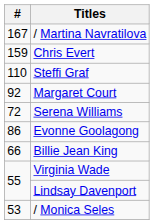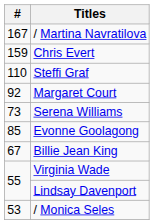 <table class=wikitable style=display:inline-table>
 <tr>
 <th>#</th>
 <th>Titles</th>
 </tr>
 <tr>
 <td>167</td>
 <td>/ <a href='#'>Martina Navratilova</a></td>
 </tr>
 <tr>
 <td>159</td>
 <td> <a href='#'>Chris Evert</a></td>
 </tr>
 <tr>
 <td>110</td>
 <td> <a href='#'>Steffi Graf</a></td>
 </tr>
 <tr>
 <td>92</td>
 <td> <a href='#'>Margaret Court</a></td>
 </tr>
 <tr>
-<td>72</td>
+<td>73</td>
 <td> <a href='#'>Serena Williams</a></td>
 </tr>
 <tr>
-<td>86</td>
+<td>85</td>
 <td> <a href='#'>Evonne Goolagong</a></td>
 </tr>
 <tr>
-<td>66</td>
+<td>67</td>
 <td> <a href='#'>Billie Jean King</a></td>
 </tr>
 <tr>
 <td rowspan=2>55</td>
 <td> <a href='#'>Virginia Wade</a></td>
 </tr>
 <tr>
 <td> <a href='#'>Lindsay Davenport</a></td>
 </tr>
 <tr>
 <td>53</td>
 <td>/ <a href='#'>Monica Seles</a></td>
 </tr>
 </table>
